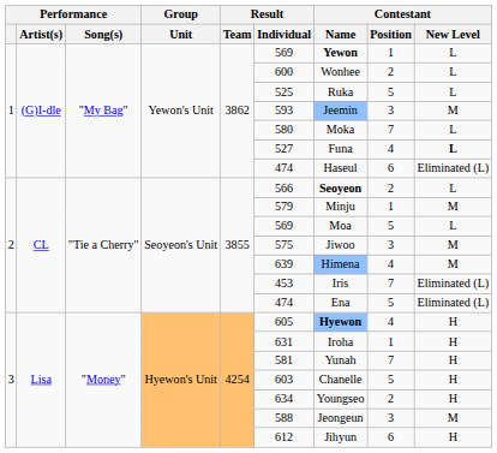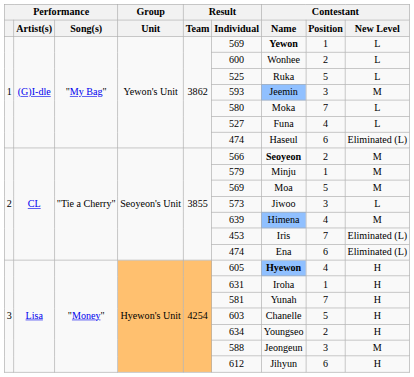 <table class="wikitable collapsible" style="text-align:center">
 <tr>
 <th colspan="3">Performance</th>
 <th>Group</th>
 <th colspan="2">Result</th>
 <th colspan="3">Contestant</th>
 </tr>
 <tr>
 <th></th>
 <th>Artist(s)</th>
 <th>Song(s)</th>
 <th>Unit</th>
 <th>Team</th>
 <th>Individual</th>
 <th>Name</th>
 <th>Position</th>
 <th>New Level</th>
 </tr>
 <tr>
 <td rowspan="7">1</td>
 <td rowspan="7"><a href='#'>(G)I-dle</a></td>
 <td rowspan="7">"<a href='#'>My Bag</a>"</td>
 <td rowspan="7">Yewon's Unit</td>
 <td rowspan="7">3862</td>
 <td>569</td>
 <td><strong>Yewon</strong></td>
 <td>1</td>
 <td>L</td>
 </tr>
 <tr>
 <td>600</td>
 <td>Wonhee</td>
 <td>2</td>
 <td>L</td>
 </tr>
 <tr>
 <td>525</td>
 <td>Ruka</td>
 <td>5</td>
 <td>L</td>
 </tr>
 <tr>
 <td>593</td>
 <td style="background:#90C0FF">Jeemin</td>
 <td>3</td>
 <td>M</td>
 </tr>
 <tr>
 <td>580</td>
 <td>Moka</td>
 <td>7</td>
 <td>L</td>
 </tr>
 <tr>
 <td>527</td>
 <td>Funa</td>
 <td>4</td>
-<td><strong>L</strong></td>
+<td>L</td>
 </tr>
 <tr>
 <td>474</td>
 <td>Haseul</td>
 <td>6</td>
 <td>Eliminated (L)</td>
 </tr>
 <tr>
 <td rowspan="7">2</td>
 <td rowspan="7"><a href='#'>CL</a></td>
 <td rowspan="7">"Tie a Cherry"</td>
 <td rowspan="7">Seoyeon's Unit</td>
 <td rowspan="7">3855</td>
 <td>566</td>
 <td><strong>Seoyeon</strong></td>
 <td>2</td>
-<td>L</td>
+<td>M</td>
 </tr>
 <tr>
 <td>579</td>
 <td>Minju</td>
 <td>1</td>
 <td>M</td>
 </tr>
 <tr>
 <td>569</td>
 <td>Moa</td>
 <td>5</td>
-<td>L</td>
+<td>M</td>
 </tr>
 <tr>
-<td>575</td>
+<td>573</td>
 <td>Jiwoo</td>
 <td>3</td>
-<td>M</td>
+<td>L</td>
 </tr>
 <tr>
 <td>639</td>
 <td style="background:#90C0FF">Himena</td>
 <td>4</td>
 <td>M</td>
 </tr>
 <tr>
 <td>453</td>
 <td>Iris</td>
 <td>7</td>
 <td>Eliminated (L)</td>
 </tr>
 <tr>
 <td>474</td>
 <td>Ena</td>
-<td>5</td>
+<td>6</td>
 <td>Eliminated (L)</td>
 </tr>
 <tr>
 <td rowspan="7">3</td>
 <td rowspan="7"><a href='#'>Lisa</a></td>
 <td rowspan="7">"<a href='#'>Money</a>"</td>
 <td rowspan="7" style="background:#FFC06F">Hyewon's Unit</td>
 <td rowspan="7" style="background:#FFC06F">4254</td>
 <td>605</td>
 <td style="background:#90C0FF"><strong>Hyewon</strong></td>
 <td>4</td>
 <td>H</td>
 </tr>
 <tr>
 <td>631</td>
 <td>Iroha</td>
 <td>1</td>
 <td>H</td>
 </tr>
 <tr>
 <td>581</td>
 <td>Yunah</td>
 <td>7</td>
 <td>H</td>
 </tr>
 <tr>
 <td>603</td>
 <td>Chanelle</td>
 <td>5</td>
 <td>H</td>
 </tr>
 <tr>
 <td>634</td>
 <td>Youngseo</td>
 <td>2</td>
 <td>H</td>
 </tr>
 <tr>
 <td>588</td>
 <td>Jeongeun</td>
 <td>3</td>
 <td>M</td>
 </tr>
 <tr>
 <td>612</td>
 <td>Jihyun</td>
 <td>6</td>
 <td>H</td>
 </tr>
 </table>
